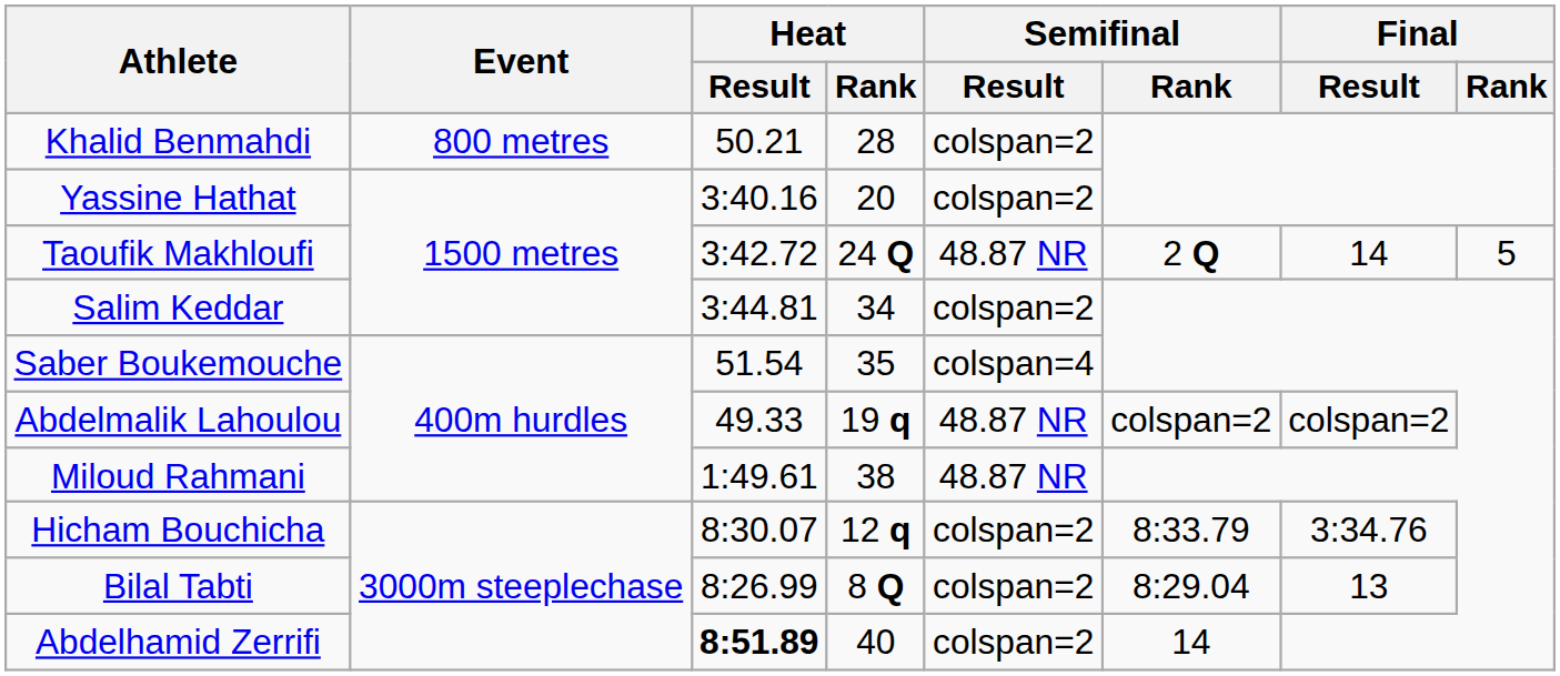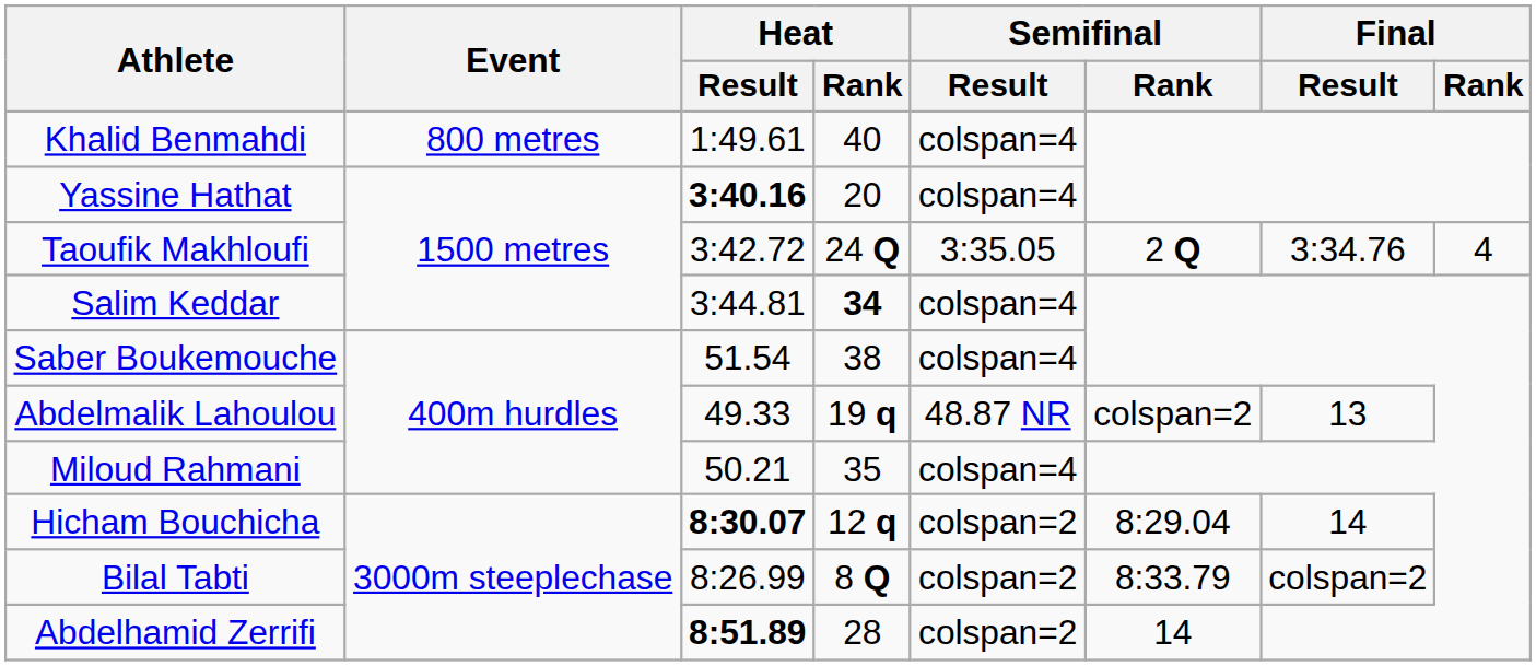 <table class="wikitable" style="font-size:90%">
 <tr>
 <th rowspan="2">Athlete</th>
 <th rowspan="2">Event</th>
 <th colspan="2">Heat</th>
 <th colspan="2">Semifinal</th>
 <th colspan="2">Final</th>
 </tr>
 <tr style="font-size:95%">
 <th>Result</th>
 <th>Rank</th>
 <th>Result</th>
 <th>Rank</th>
 <th>Result</th>
 <th>Rank</th>
 </tr>
 <tr style=text-align:center>
 <td><a href='#'>Khalid Benmahdi</a></td>
 <td><a href='#'>800 metres</a></td>
-<td>50.21</td>
-<td>28</td>
-<td>colspan=2 </td>
+<td>1:49.61</td>
+<td>40</td>
+<td>colspan=4 </td>
 </tr>
 <tr style=text-align:center>
 <td><a href='#'>Yassine Hathat</a></td>
 <td rowspan=3><a href='#'>1500 metres</a></td>
-<td>3:40.16</td>
+<td><strong>3:40.16</strong></td>
 <td>20</td>
-<td>colspan=2 </td>
+<td>colspan=4 </td>
 </tr>
 <tr style=text-align:center>
 <td><a href='#'>Taoufik Makhloufi</a></td>
 <td>3:42.72</td>
 <td>24 <strong>Q</strong></td>
-<td>48.87 <a href='#'>NR</a></td>
+<td>3:35.05</td>
 <td>2 <strong>Q</strong></td>
-<td>14</td>
-<td>5</td>
+<td>3:34.76</td>
+<td>4</td>
 </tr>
 <tr style=text-align:center>
 <td><a href='#'>Salim Keddar</a></td>
 <td>3:44.81</td>
-<td>34</td>
-<td>colspan=2 </td>
+<td><strong>34</strong></td>
+<td>colspan=4 </td>
 </tr>
 <tr style=text-align:center>
 <td><a href='#'>Saber Boukemouche</a></td>
 <td rowspan=3><a href='#'>400m hurdles</a></td>
 <td>51.54</td>
-<td>35</td>
+<td>38</td>
 <td>colspan=4 </td>
 </tr>
 <tr style=text-align:center>
 <td><a href='#'>Abdelmalik Lahoulou</a></td>
 <td>49.33</td>
 <td>19 <strong>q</strong></td>
 <td>48.87 <a href='#'>NR</a></td>
 <td>colspan=2 </td>
-<td>colspan=2 </td>
+<td>13</td>
 </tr>
 <tr style=text-align:center>
 <td><a href='#'>Miloud Rahmani</a></td>
-<td>1:49.61</td>
-<td>38</td>
-<td>48.87 <a href='#'>NR</a></td>
+<td>50.21</td>
+<td>35</td>
+<td>colspan=4 </td>
 </tr>
 <tr style=text-align:center>
 <td><a href='#'>Hicham Bouchicha</a></td>
 <td rowspan=3><a href='#'>3000m steeplechase</a></td>
-<td>8:30.07</td>
+<td><strong>8:30.07</strong></td>
 <td>12 <strong>q</strong></td>
 <td>colspan=2 </td>
-<td>8:33.79</td>
-<td>3:34.76</td>
+<td>8:29.04</td>
+<td>14</td>
 </tr>
 <tr style=text-align:center>
 <td><a href='#'>Bilal Tabti</a></td>
 <td>8:26.99</td>
 <td>8 <strong>Q</strong></td>
 <td>colspan=2 </td>
-<td>8:29.04</td>
-<td>13</td>
+<td>8:33.79</td>
+<td>colspan=2 </td>
 </tr>
 <tr style=text-align:center>
 <td><a href='#'>Abdelhamid Zerrifi</a></td>
 <td><strong>8:51.89</strong></td>
-<td>40</td>
+<td>28</td>
 <td>colspan=2 </td>
 <td>14</td>
 </tr>
 </table>
